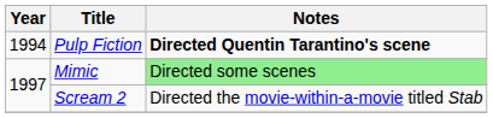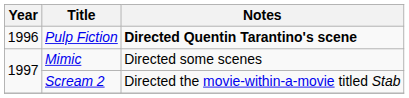 <table class="wikitable">
 <tr>
 <th>Year</th>
 <th>Title</th>
 <th>Notes</th>
 </tr>
 <tr>
-<td>1994</td>
+<td>1996</td>
 <td style="text-align:left;"><em><a href='#'>Pulp Fiction</a></em></td>
 <td><strong>Directed Quentin Tarantino's scene</strong></td>
 </tr>
 <tr>
 <td rowspan="2">1997</td>
 <td style="text-align:left;"><em><a href='#'>Mimic</a></em></td>
-<td style="background: lightgreen;">Directed some scenes</td>
+<td>Directed some scenes</td>
 </tr>
 <tr>
 <td style="text-align:left;"><em><a href='#'>Scream 2</a></em></td>
 <td>Directed the <a href='#'>movie-within-a-movie</a> titled <em>Stab</em></td>
 </tr>
 <tr>
 </tr>
 </table>
